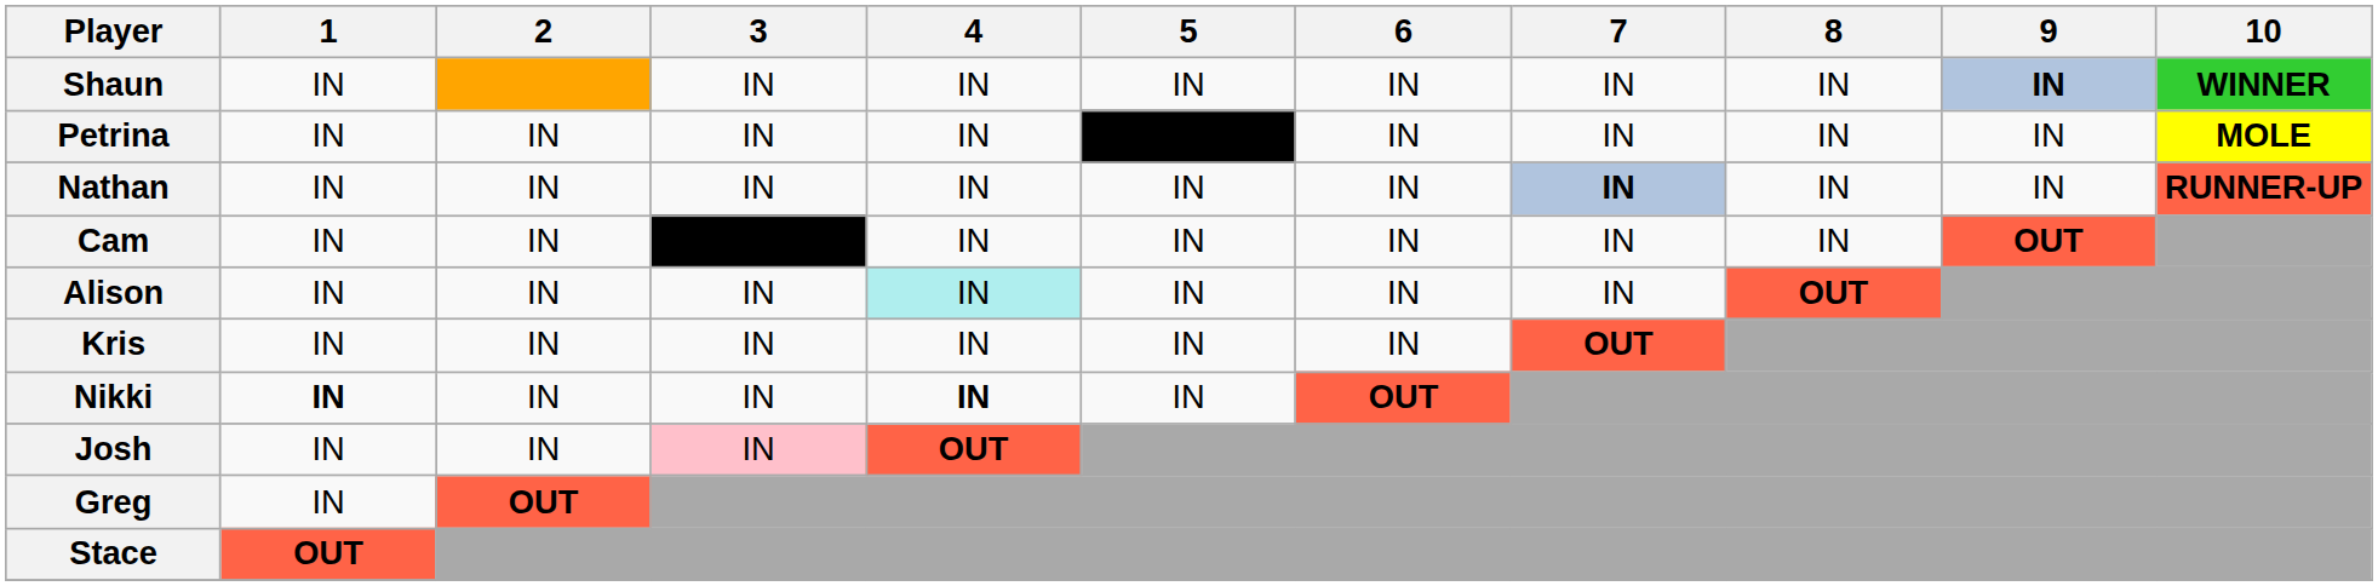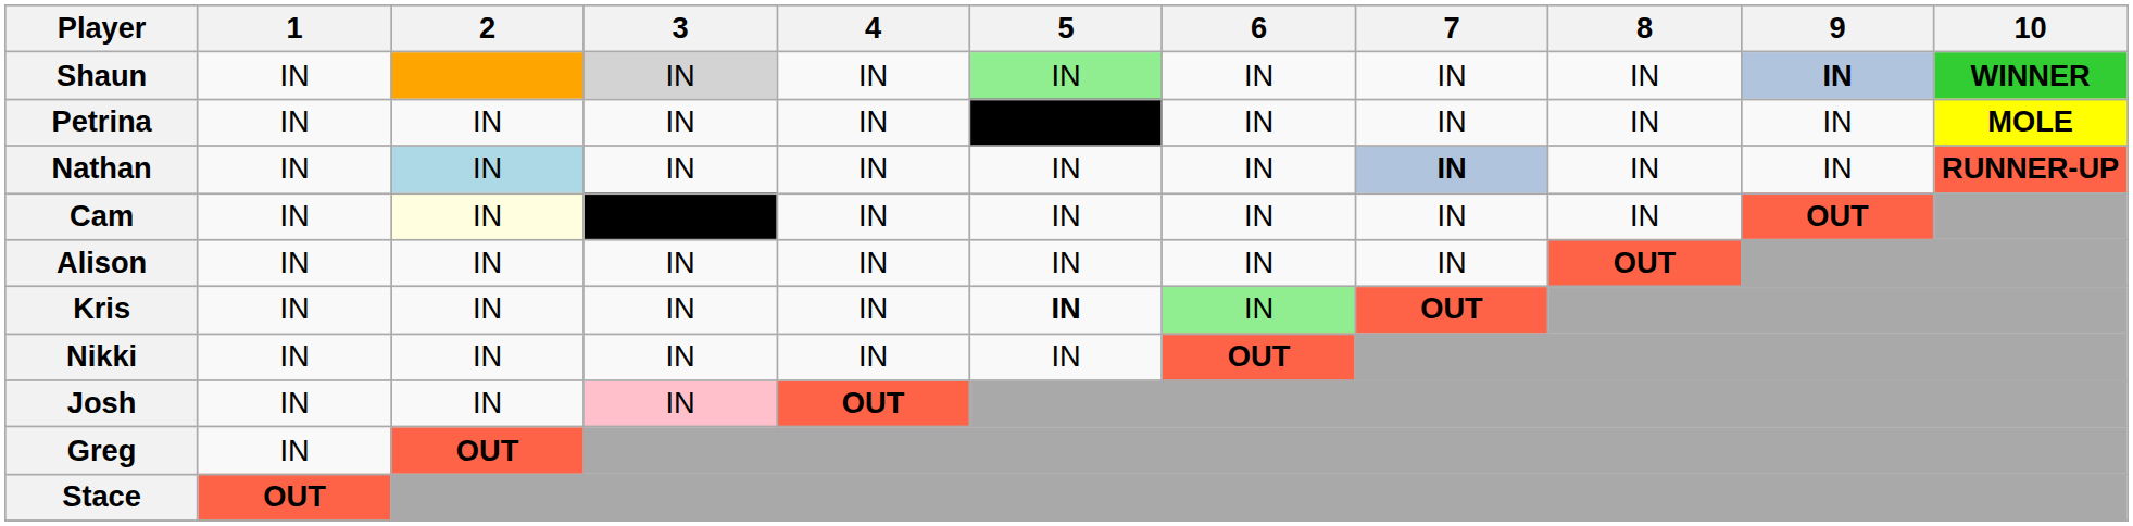 <table class="wikitable" style="text-align:center">
 <tr>
 <th style="width:9%;">Player</th>
 <th style="width:9%;">1</th>
 <th style="width:9%;">2</th>
 <th style="width:9%;">3</th>
 <th style="width:9%;">4</th>
 <th style="width:9%;">5</th>
 <th style="width:9%;">6</th>
 <th style="width:9%;">7</th>
 <th style="width:9%;">8</th>
 <th style="width:9%;">9</th>
 <th style="width:9%;">10</th>
 </tr>
 <tr>
 <th>Shaun</th>
 <td>IN</td>
 <td style="background:orange;"></td>
+<td style="background: lightgrey;">IN</td>
 <td>IN</td>
-<td>IN</td>
-<td>IN</td>
+<td style="background: lightgreen;">IN</td>
 <td>IN</td>
 <td>IN</td>
 <td>IN</td>
 <td style="background:lightsteelblue;"><strong>IN</strong></td>
 <td style="background:limegreen;"><strong>WINNER</strong></td>
 </tr>
 <tr>
 <th>Petrina</th>
 <td>IN</td>
 <td>IN</td>
 <td>IN</td>
 <td>IN</td>
 <td style="background:black;"><strong><span>OUT</span></strong></td>
 <td>IN</td>
 <td>IN</td>
 <td>IN</td>
 <td>IN</td>
 <td style="background:yellow;"><strong>MOLE</strong></td>
 </tr>
 <tr>
 <th>Nathan</th>
 <td>IN</td>
-<td>IN</td>
+<td style="background: lightblue;">IN</td>
 <td>IN</td>
 <td>IN</td>
 <td>IN</td>
 <td>IN</td>
 <td style="background:lightsteelblue;"><strong>IN</strong></td>
 <td>IN</td>
 <td>IN</td>
 <td style="background:tomato;"><strong>RUNNER-UP</strong></td>
 </tr>
 <tr>
 <th>Cam</th>
 <td>IN</td>
-<td>IN</td>
+<td style="background: lightyellow;">IN</td>
 <td style="background:black;"><strong><span>OUT</span></strong></td>
 <td>IN</td>
 <td>IN</td>
 <td>IN</td>
 <td>IN</td>
 <td>IN</td>
 <td style="background:tomato;"><strong>OUT</strong></td>
 <td bgcolor="darkgray"></td>
 </tr>
 <tr>
 <th>Alison</th>
 <td>IN</td>
 <td>IN</td>
 <td>IN</td>
-<td style="background: paleturquoise;">IN</td>
+<td>IN</td>
 <td>IN</td>
 <td>IN</td>
 <td>IN</td>
 <td style="background:tomato;"><strong>OUT</strong></td>
 <td colspan=6 bgcolor="darkgray"></td>
 </tr>
 <tr>
 <th>Kris</th>
 <td>IN</td>
 <td>IN</td>
 <td>IN</td>
 <td>IN</td>
-<td>IN</td>
-<td>IN</td>
+<td><strong>IN</strong></td>
+<td style="background: lightgreen;">IN</td>
 <td style="background:tomato;"><strong>OUT</strong></td>
 <td colspan=7 bgcolor="darkgray"></td>
 </tr>
 <tr>
 <th>Nikki</th>
-<td><strong>IN</strong></td>
 <td>IN</td>
 <td>IN</td>
-<td><strong>IN</strong></td>
+<td>IN</td>
+<td>IN</td>
 <td>IN</td>
 <td style="background:tomato;"><strong>OUT</strong></td>
 <td colspan=8 bgcolor="darkgray"></td>
 </tr>
 <tr>
 <th>Josh</th>
 <td>IN</td>
 <td>IN</td>
 <td style="background: pink;">IN</td>
 <td style="background:tomato;"><strong>OUT</strong></td>
 <td colspan=8 bgcolor="darkgray"></td>
 </tr>
 <tr>
 <th>Greg</th>
 <td>IN</td>
 <td style="background:tomato;"><strong>OUT</strong></td>
 <td colspan=9 bgcolor="darkgray"></td>
 </tr>
 <tr>
 <th>Stace</th>
 <td style="background:tomato;"><strong>OUT</strong></td>
 <td colspan=9 bgcolor="darkgray"></td>
 </tr>
 <tr>
 </tr>
 </table>
